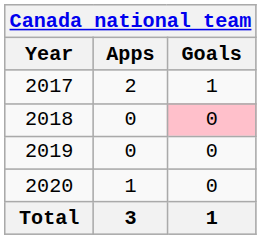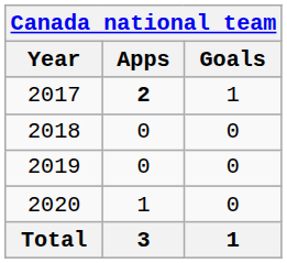 <table class="wikitable" style="text-align:center">
 <tr>
 <th colspan=3><a href='#'>Canada national team</a></th>
 </tr>
 <tr>
 <th>Year</th>
 <th>Apps</th>
 <th>Goals</th>
 </tr>
 <tr>
 <td>2017</td>
-<td>2</td>
+<td><strong>2</strong></td>
 <td>1</td>
 </tr>
 <tr>
 <td>2018</td>
 <td>0</td>
-<td style="background: pink;">0</td>
+<td>0</td>
 </tr>
 <tr>
 <td>2019</td>
 <td>0</td>
 <td>0</td>
 </tr>
 <tr>
 <td>2020</td>
 <td>1</td>
 <td>0</td>
 </tr>
 <tr>
 <th>Total</th>
 <th>3</th>
 <th>1</th>
 </tr>
 </table>
